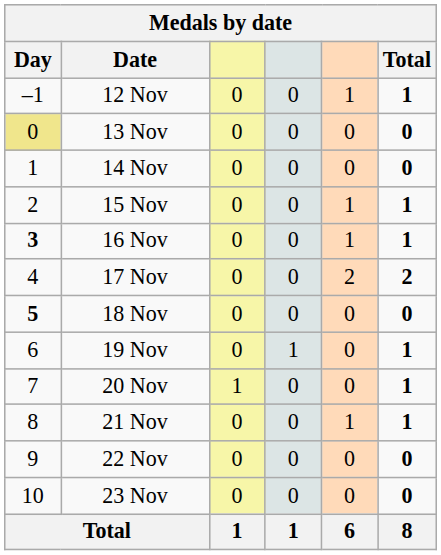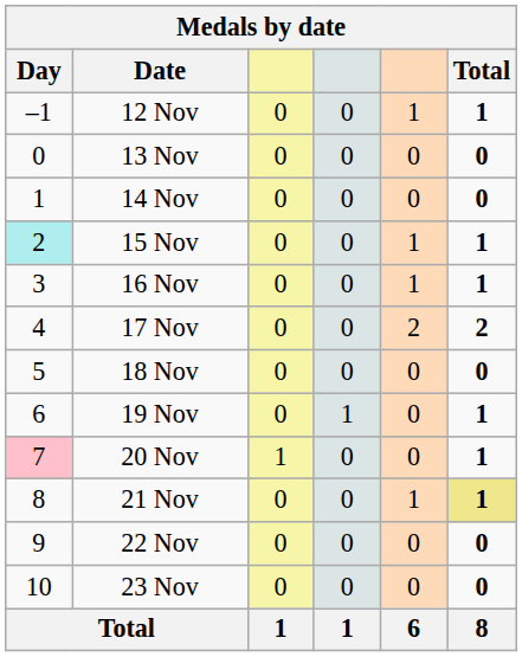 <table class="wikitable" style="font-size:90%; text-align:center;">
 <tr style="background:#efefef;">
 <th colspan=6><strong>Medals by date</strong></th>
 </tr>
 <tr>
 <th width=30><strong>Day</strong></th>
 <th width=90><strong>Date</strong></th>
 <th width=30 style="background:#F7F6A8;"></th>
 <th width=30 style="background:#DCE5E5;"></th>
 <th width=30 style="background:#FFDAB9;"></th>
 <th width=30><strong>Total</strong></th>
 </tr>
 <tr>
 <td>–1</td>
 <td>12 Nov</td>
 <td style="background:#F7F6A8;">0</td>
 <td style="background:#DCE5E5;">0</td>
 <td style="background:#FFDAB9;">1</td>
 <td><strong>1</strong></td>
 </tr>
 <tr>
-<td style="background: khaki;">0</td>
+<td>0</td>
 <td>13 Nov</td>
 <td style="background:#F7F6A8;">0</td>
 <td style="background:#DCE5E5;">0</td>
 <td style="background:#FFDAB9;">0</td>
 <td><strong>0</strong></td>
 </tr>
 <tr>
 <td>1</td>
 <td>14 Nov</td>
 <td style="background:#F7F6A8;">0</td>
 <td style="background:#DCE5E5;">0</td>
 <td style="background:#FFDAB9;">0</td>
 <td><strong>0</strong></td>
 </tr>
 <tr>
-<td>2</td>
+<td style="background: paleturquoise;">2</td>
 <td>15 Nov</td>
 <td style="background:#F7F6A8;">0</td>
 <td style="background:#DCE5E5;">0</td>
 <td style="background:#FFDAB9;">1</td>
 <td><strong>1</strong></td>
 </tr>
 <tr>
-<td><strong>3</strong></td>
+<td>3</td>
 <td>16 Nov</td>
 <td style="background:#F7F6A8;">0</td>
 <td style="background:#DCE5E5;">0</td>
 <td style="background:#FFDAB9;">1</td>
 <td><strong>1</strong></td>
 </tr>
 <tr>
 <td>4</td>
 <td>17 Nov</td>
 <td style="background:#F7F6A8;">0</td>
 <td style="background:#DCE5E5;">0</td>
 <td style="background:#FFDAB9;">2</td>
 <td><strong>2</strong></td>
 </tr>
 <tr>
-<td><strong>5</strong></td>
+<td>5</td>
 <td>18 Nov</td>
 <td style="background:#F7F6A8;">0</td>
 <td style="background:#DCE5E5;">0</td>
 <td style="background:#FFDAB9;">0</td>
 <td><strong>0</strong></td>
 </tr>
 <tr>
 <td>6</td>
 <td>19 Nov</td>
 <td style="background:#F7F6A8;">0</td>
 <td style="background:#DCE5E5;">1</td>
 <td style="background:#FFDAB9;">0</td>
 <td><strong>1</strong></td>
 </tr>
 <tr>
-<td>7</td>
+<td style="background: pink;">7</td>
 <td>20 Nov</td>
 <td style="background:#F7F6A8;">1</td>
 <td style="background:#DCE5E5;">0</td>
 <td style="background:#FFDAB9;">0</td>
 <td><strong>1</strong></td>
 </tr>
 <tr>
 <td>8</td>
 <td>21 Nov</td>
 <td style="background:#F7F6A8;">0</td>
 <td style="background:#DCE5E5;">0</td>
 <td style="background:#FFDAB9;">1</td>
-<td><strong>1</strong></td>
+<td style="background: khaki;"><strong>1</strong></td>
 </tr>
 <tr>
 <td>9</td>
 <td>22 Nov</td>
 <td style="background:#F7F6A8;">0</td>
 <td style="background:#DCE5E5;">0</td>
 <td style="background:#FFDAB9;">0</td>
 <td><strong>0</strong></td>
 </tr>
 <tr>
 <td>10</td>
 <td>23 Nov</td>
 <td style="background:#F7F6A8;">0</td>
 <td style="background:#DCE5E5;">0</td>
 <td style="background:#FFDAB9;">0</td>
 <td><strong>0</strong></td>
 </tr>
 <tr>
 <th colspan="2"><strong>Total</strong></th>
 <th><strong>1</strong></th>
 <th><strong>1</strong></th>
 <th><strong>6</strong></th>
 <th><strong>8</strong></th>
 </tr>
 </table>
